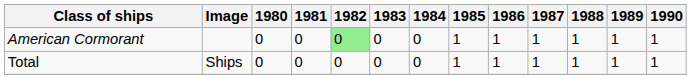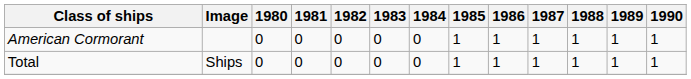 <table class="wikitable sortable collapsible collapsed">
 <tr>
 <th style="width:29%;">Class of ships</th>
 <th>Image</th>
 <th>1980</th>
 <th>1981</th>
 <th>1982</th>
 <th>1983</th>
 <th>1984</th>
 <th>1985</th>
 <th>1986</th>
 <th>1987</th>
 <th>1988</th>
 <th>1989</th>
 <th>1990</th>
 </tr>
 <tr valign="top">
 <td><em>American Cormorant</em></td>
 <td></td>
 <td>0</td>
 <td>0</td>
-<td style="background: lightgreen;">0</td>
+<td>0</td>
 <td>0</td>
 <td>0</td>
 <td>1</td>
 <td>1</td>
 <td>1</td>
 <td>1</td>
 <td>1</td>
 <td>1</td>
 </tr>
 <tr valign="top">
 <td>Total</td>
 <td>Ships</td>
 <td>0</td>
 <td>0</td>
 <td>0</td>
 <td>0</td>
 <td>0</td>
 <td>1</td>
 <td>1</td>
 <td>1</td>
 <td>1</td>
 <td>1</td>
 <td>1</td>
 </tr>
 <tr>
 </tr>
 </table>
